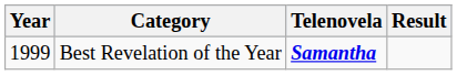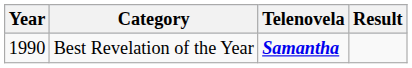 <table class="wikitable">
 <tr style="background:#b0c4de;">
 <th>Year</th>
 <th>Category</th>
 <th>Telenovela</th>
 <th>Result</th>
 </tr>
 <tr>
-<td>1999</td>
+<td>1990</td>
 <td>Best Revelation of the Year</td>
 <td><strong><em><a href='#'>Samantha</a></em></strong></td>
 <td></td>
 </tr>
 </table>
